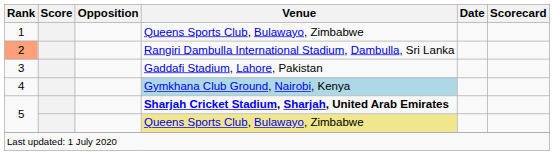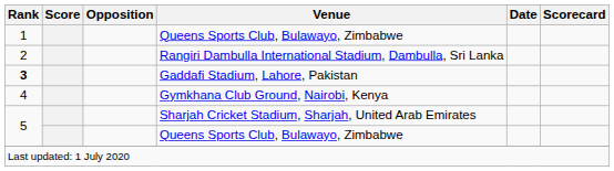 <table class="wikitable plainrowheaders sortable">
 <tr>
 <th scope=col>Rank</th>
 <th scope=col>Score</th>
 <th scope=col>Opposition</th>
 <th scope=col>Venue</th>
 <th scope=col>Date</th>
 <th scope=col>Scorecard</th>
 </tr>
 <tr>
 <td align=center>1</td>
 <th scope=row style=text-align:center;></th>
 <td></td>
 <td><a href='#'>Queens Sports Club</a>, <a href='#'>Bulawayo</a>, Zimbabwe</td>
 <td></td>
 <td></td>
 </tr>
 <tr>
-<td align=center style="background: lightsalmon;">2</td>
+<td align=center>2</td>
 <th scope=row style=text-align:center;></th>
 <td></td>
 <td><a href='#'>Rangiri Dambulla International Stadium</a>, <a href='#'>Dambulla</a>, Sri Lanka</td>
 <td></td>
 <td></td>
 </tr>
 <tr>
-<td align=center>3</td>
+<td align=center><strong>3</strong></td>
 <th scope=row style=text-align:center;></th>
 <td></td>
 <td><a href='#'>Gaddafi Stadium</a>, <a href='#'>Lahore</a>, Pakistan</td>
 <td></td>
 <td></td>
 </tr>
 <tr>
 <td align=center>4</td>
 <th scope=row style=text-align:center;></th>
 <td></td>
-<td style="background: lightblue;"><a href='#'>Gymkhana Club Ground</a>, <a href='#'>Nairobi</a>, Kenya</td>
+<td><a href='#'>Gymkhana Club Ground</a>, <a href='#'>Nairobi</a>, Kenya</td>
 <td></td>
 <td></td>
 </tr>
 <tr>
 <td align=center rowspan=2>5</td>
 <th scope=row style=text-align:center;></th>
 <td></td>
-<td><strong><a href='#'>Sharjah Cricket Stadium</a>, <a href='#'>Sharjah</a>, United Arab Emirates</strong></td>
+<td><a href='#'>Sharjah Cricket Stadium</a>, <a href='#'>Sharjah</a>, United Arab Emirates</td>
 <td></td>
 <td></td>
 </tr>
 <tr>
 <th scope=row style=text-align:center;></th>
 <td></td>
-<td style="background: khaki;"><a href='#'>Queens Sports Club</a>, <a href='#'>Bulawayo</a>, Zimbabwe</td>
+<td><a href='#'>Queens Sports Club</a>, <a href='#'>Bulawayo</a>, Zimbabwe</td>
 <td></td>
 <td></td>
 </tr>
 <tr>
 </tr>
 <tr class=sortbottom>
 <td colspan=6><small>Last updated: 1 July 2020</small></td>
 </tr>
 </table>
